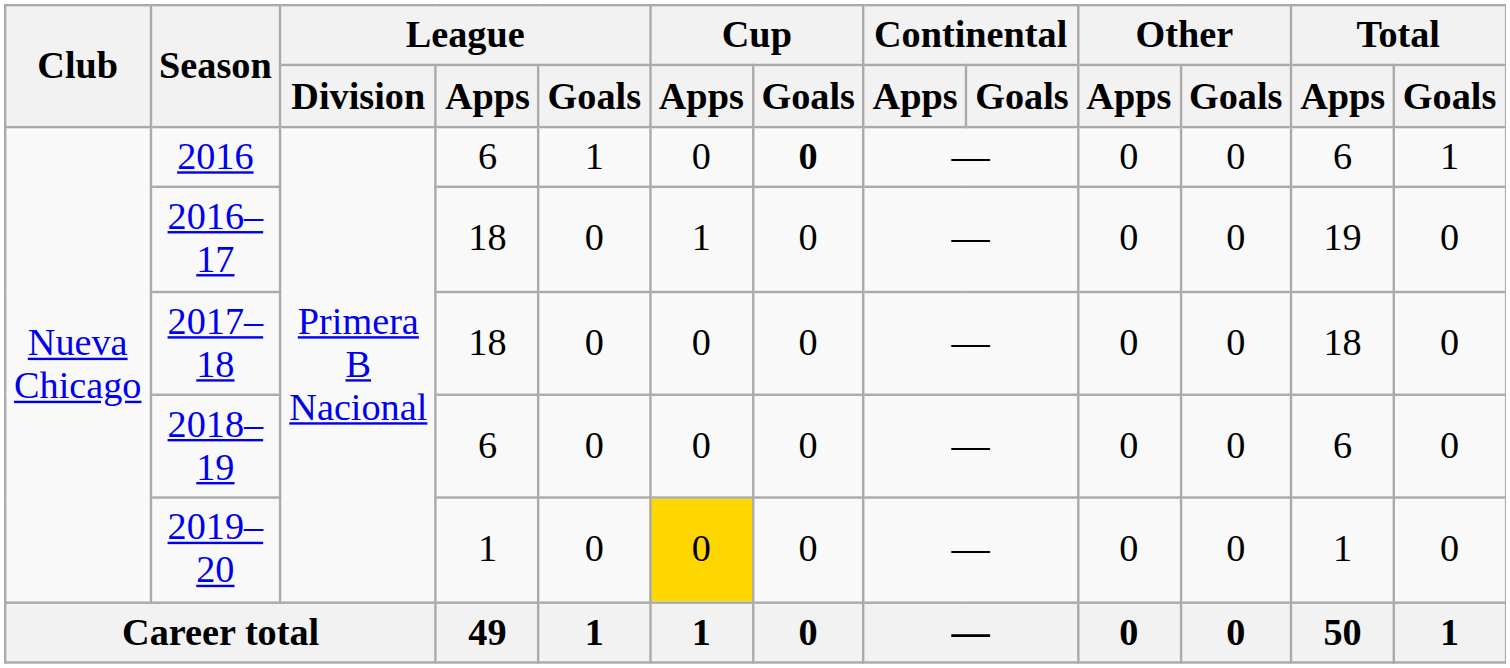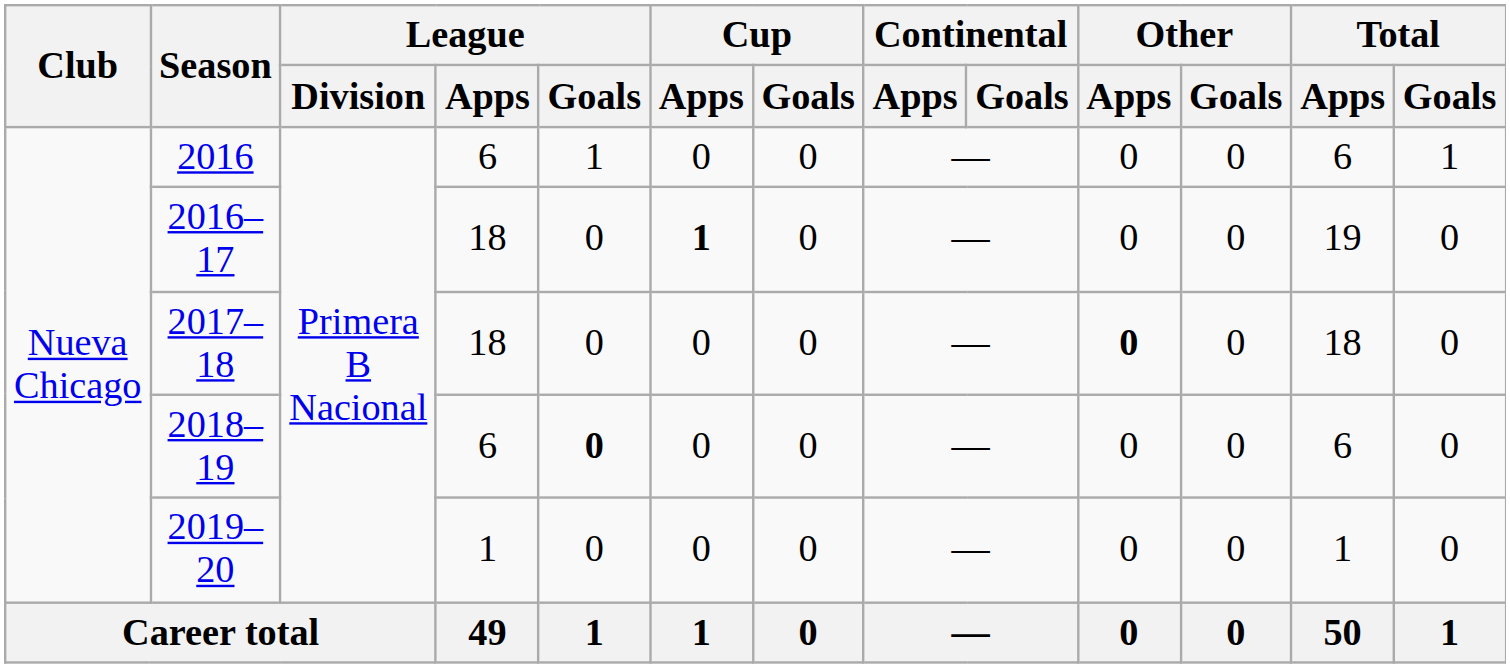 <table class="wikitable" style="text-align:center">
 <tr>
 <th rowspan="2">Club</th>
 <th rowspan="2">Season</th>
 <th colspan="3">League</th>
 <th colspan="2">Cup</th>
 <th colspan="2">Continental</th>
 <th colspan="2">Other</th>
 <th colspan="2">Total</th>
 </tr>
 <tr>
 <th>Division</th>
 <th>Apps</th>
 <th>Goals</th>
 <th>Apps</th>
 <th>Goals</th>
 <th>Apps</th>
 <th>Goals</th>
 <th>Apps</th>
 <th>Goals</th>
 <th>Apps</th>
 <th>Goals</th>
 </tr>
 <tr>
 <td rowspan="5"><a href='#'>Nueva Chicago</a></td>
 <td><a href='#'>2016</a></td>
 <td rowspan="5"><a href='#'>Primera B Nacional</a></td>
 <td>6</td>
 <td>1</td>
 <td>0</td>
-<td><strong>0</strong></td>
+<td>0</td>
 <td colspan="2">—</td>
 <td>0</td>
 <td>0</td>
 <td>6</td>
 <td>1</td>
 </tr>
 <tr>
 <td><a href='#'>2016–17</a></td>
 <td>18</td>
 <td>0</td>
-<td>1</td>
+<td><strong>1</strong></td>
 <td>0</td>
 <td colspan="2">—</td>
 <td>0</td>
 <td>0</td>
 <td>19</td>
 <td>0</td>
 </tr>
 <tr>
 <td><a href='#'>2017–18</a></td>
 <td>18</td>
 <td>0</td>
 <td>0</td>
 <td>0</td>
 <td colspan="2">—</td>
-<td>0</td>
+<td><strong>0</strong></td>
 <td>0</td>
 <td>18</td>
 <td>0</td>
 </tr>
 <tr>
 <td><a href='#'>2018–19</a></td>
 <td>6</td>
-<td>0</td>
+<td><strong>0</strong></td>
 <td>0</td>
 <td>0</td>
 <td colspan="2">—</td>
 <td>0</td>
 <td>0</td>
 <td>6</td>
 <td>0</td>
 </tr>
 <tr>
 <td><a href='#'>2019–20</a></td>
 <td>1</td>
 <td>0</td>
-<td style="background: gold;">0</td>
+<td>0</td>
 <td>0</td>
 <td colspan="2">—</td>
 <td>0</td>
 <td>0</td>
 <td>1</td>
 <td>0</td>
 </tr>
 <tr>
 <th colspan="3">Career total</th>
 <th>49</th>
 <th>1</th>
 <th>1</th>
 <th>0</th>
 <th colspan="2">—</th>
 <th>0</th>
 <th>0</th>
 <th>50</th>
 <th>1</th>
 </tr>
 </table>
